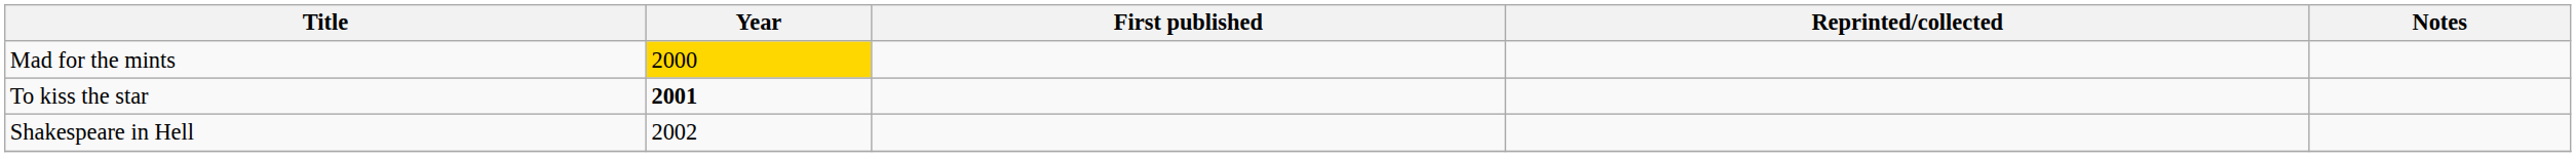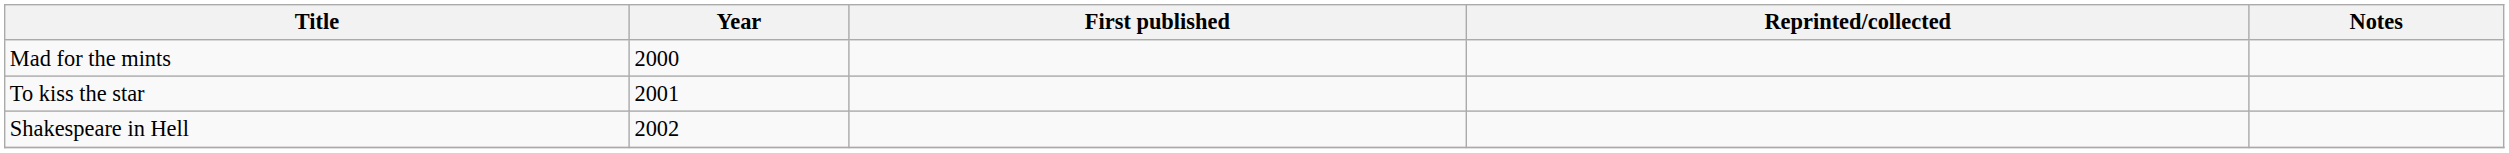 <table class='wikitable sortable' width='90%'>
 <tr>
 <th width=25%>Title</th>
 <th>Year</th>
 <th>First published</th>
 <th>Reprinted/collected</th>
 <th>Notes</th>
 </tr>
 <tr>
 <td>Mad for the mints</td>
-<td style="background: gold;">2000</td>
+<td>2000</td>
 <td></td>
 <td></td>
 <td></td>
 </tr>
 <tr>
 <td>To kiss the star</td>
-<td><strong>2001</strong></td>
+<td>2001</td>
 <td></td>
 <td></td>
 <td></td>
 </tr>
 <tr>
 <td>Shakespeare in Hell</td>
 <td>2002</td>
 <td></td>
 <td></td>
 <td></td>
 </tr>
 <tr>
 </tr>
 </table>
